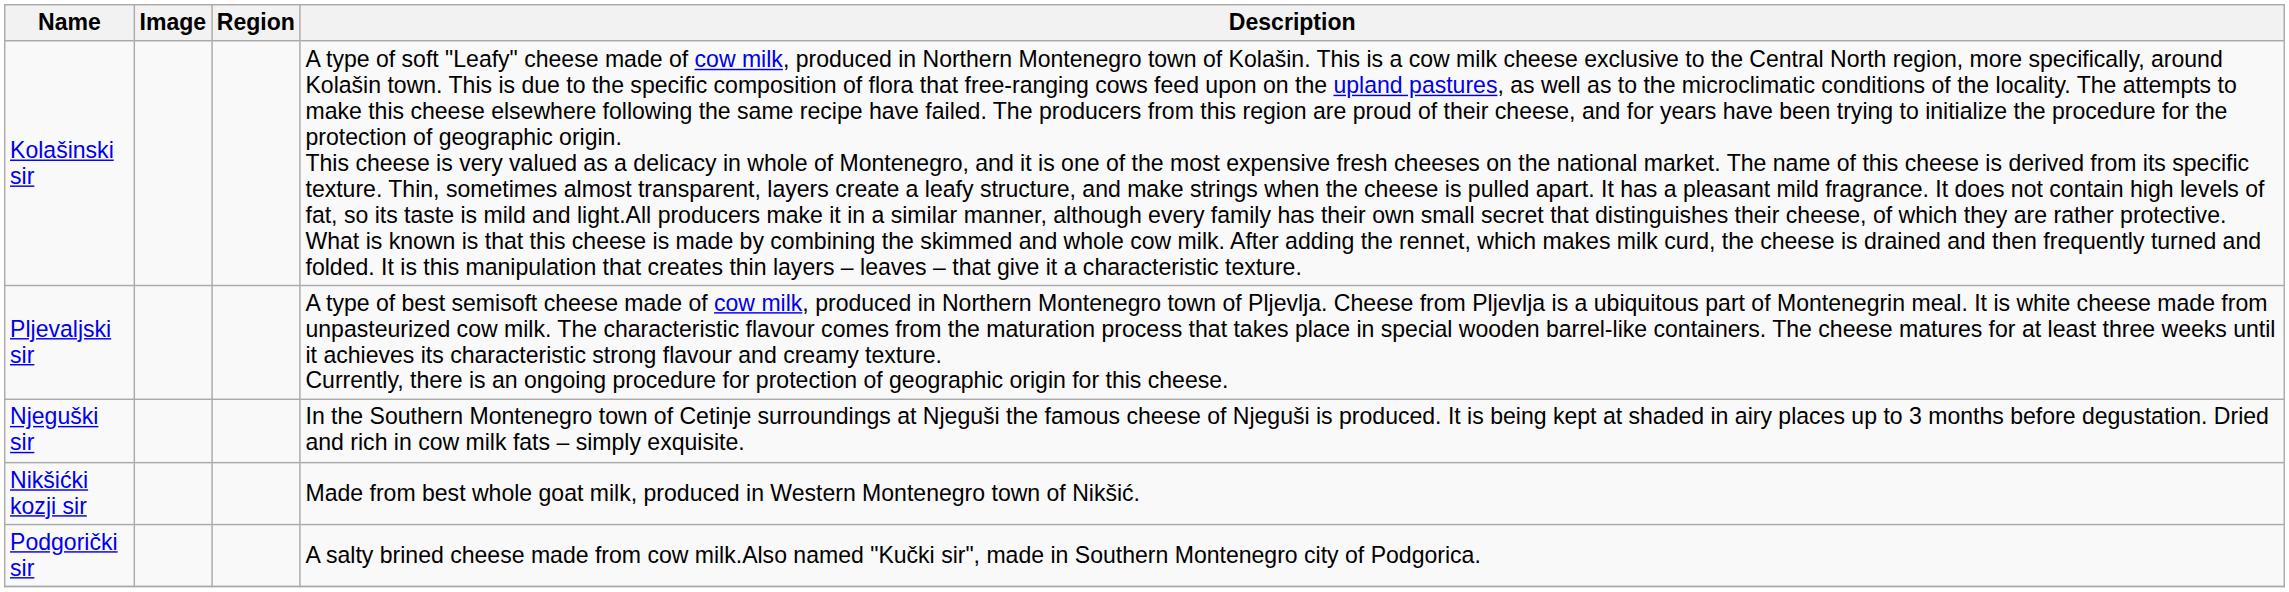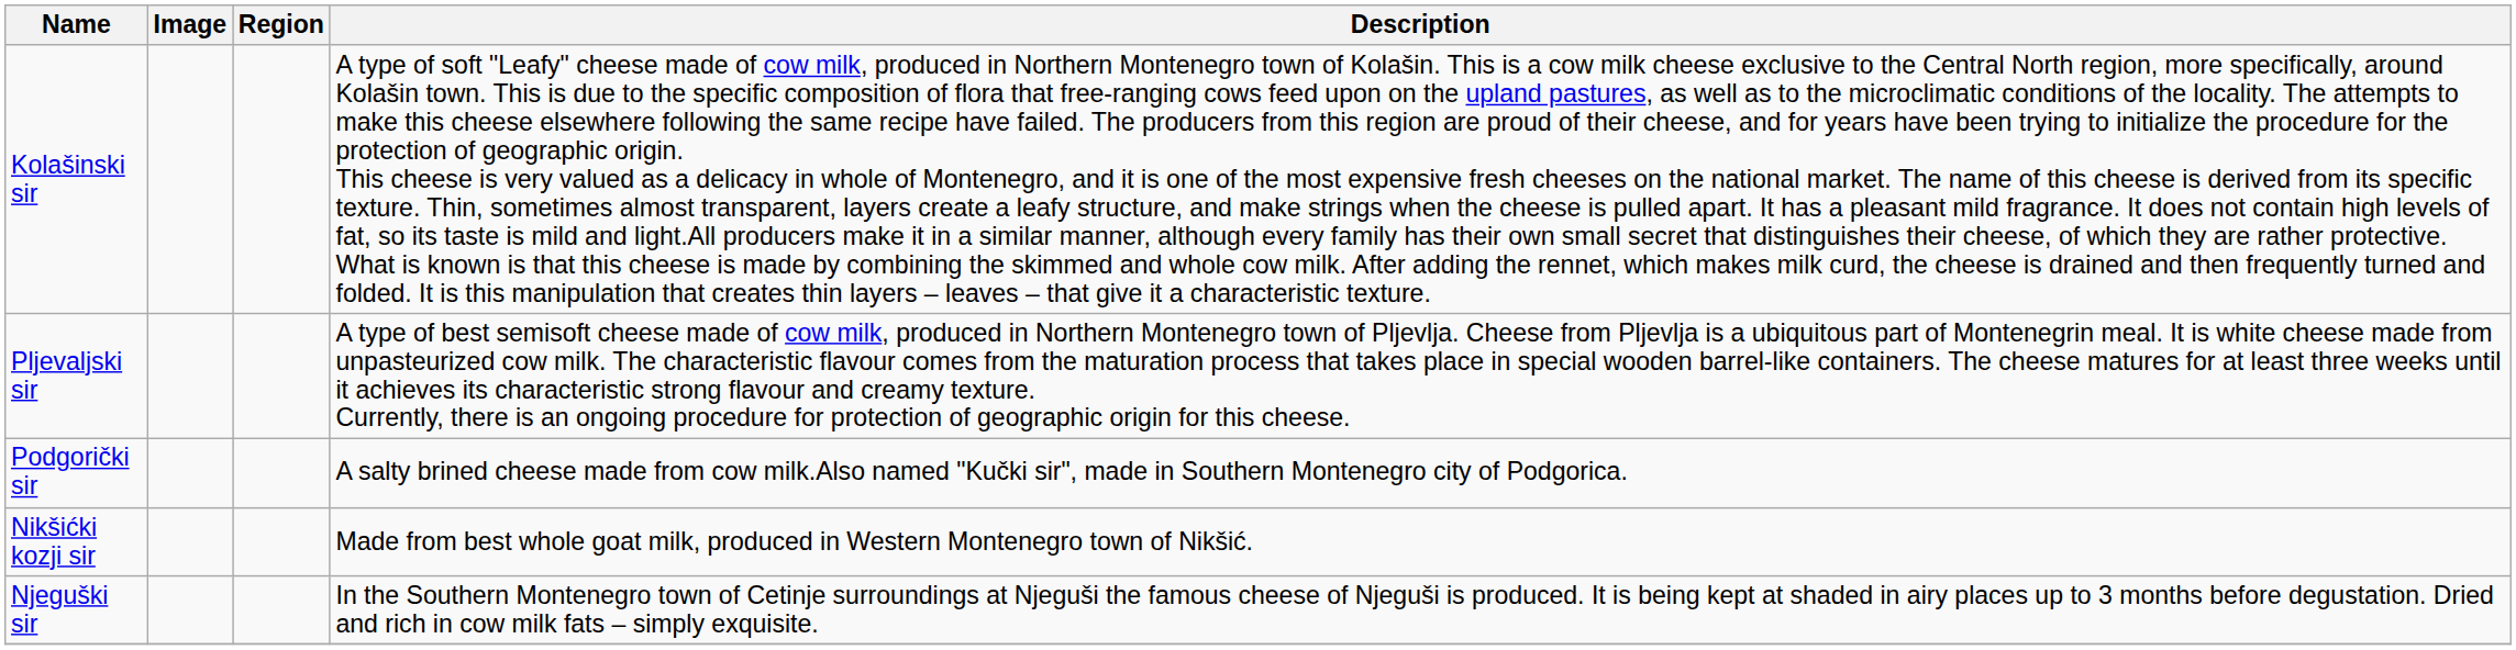 <table class="wikitable sortable" style="width:100%">
 <tr>
 <th>Name</th>
 <th class="unsortable">Image</th>
 <th>Region</th>
 <th>Description</th>
 </tr>
 <tr>
 <td><a href='#'>Kolašinski sir</a></td>
 <td></td>
 <td></td>
 <td>A type of soft "Leafy" cheese made of <a href='#'>cow milk</a>, produced in Northern Montenegro town of Kolašin. This is a cow milk cheese exclusive to the Central North region, more specifically, around Kolašin town. This is due to the specific composition of flora that free-ranging cows feed upon on the <a href='#'>upland pastures</a>, as well as to the microclimatic conditions of the locality. The attempts to make this cheese elsewhere following the same recipe have failed. The producers from this region are proud of their cheese, and for years have been trying to initialize the procedure for the protection of geographic origin.<br>This cheese is very valued as a delicacy in whole of Montenegro, and it is one of the most expensive fresh cheeses on the national market. The name of this cheese is derived from its specific texture. Thin, sometimes almost transparent, layers create a leafy structure, and make strings when the cheese is pulled apart. It has a pleasant mild fragrance. It does not contain high levels of fat, so its taste is mild and light.All producers make it in a similar manner, although every family has their own small secret that distinguishes their cheese, of which they are rather protective. What is known is that this cheese is made by combining the skimmed and whole cow milk. After adding the rennet, which makes milk curd, the cheese is drained and then frequently turned and folded. It is this manipulation that creates thin layers – leaves – that give it a characteristic texture.</td>
 </tr>
 <tr>
 <td><a href='#'>Pljevaljski sir</a></td>
 <td></td>
 <td></td>
 <td>A type of best semisoft cheese made of <a href='#'>cow milk</a>, produced in Northern Montenegro town of Pljevlja. Cheese from Pljevlja is a ubiquitous part of Montenegrin meal. It is white cheese made from unpasteurized cow milk. The characteristic flavour comes from the maturation process that takes place in special wooden barrel-like containers. The cheese matures for at least three weeks until it achieves its characteristic strong flavour and creamy texture.<br>Currently, there is an ongoing procedure for protection of geographic origin for this cheese.</td>
 </tr>
 <tr>
-<td><a href='#'>Njeguški sir</a></td>
+<td><a href='#'>Podgorički sir</a></td>
 <td></td>
 <td></td>
-<td>In the Southern Montenegro town of Cetinje surroundings at Njeguši the famous cheese of Njeguši is produced. It is being kept at shaded in airy places up to 3 months before degustation. Dried and rich in cow milk fats – simply exquisite.</td>
+<td>A salty brined cheese made from cow milk.Also named "Kučki sir", made in Southern Montenegro city of Podgorica.</td>
 </tr>
 <tr>
 <td><a href='#'>Nikšićki kozji sir</a></td>
 <td></td>
 <td></td>
 <td>Made from best whole goat milk, produced in Western Montenegro town of Nikšić.</td>
 </tr>
 <tr>
-<td><a href='#'>Podgorički sir</a></td>
+<td><a href='#'>Njeguški sir</a></td>
 <td></td>
 <td></td>
-<td>A salty brined cheese made from cow milk.Also named "Kučki sir", made in Southern Montenegro city of Podgorica.</td>
+<td>In the Southern Montenegro town of Cetinje surroundings at Njeguši the famous cheese of Njeguši is produced. It is being kept at shaded in airy places up to 3 months before degustation. Dried and rich in cow milk fats – simply exquisite.</td>
 </tr>
 <tr>
 </tr>
 </table>
